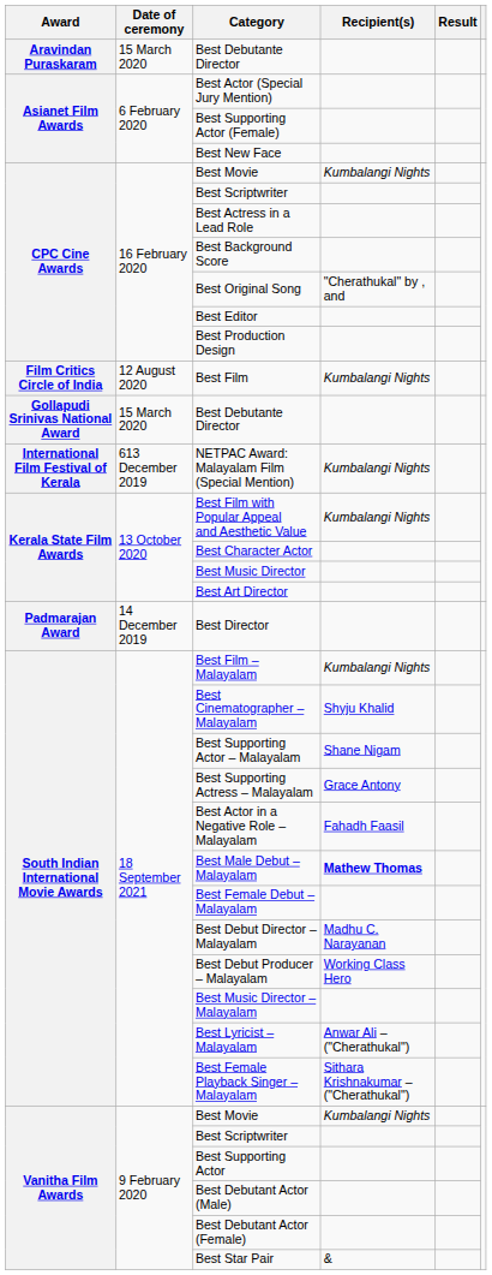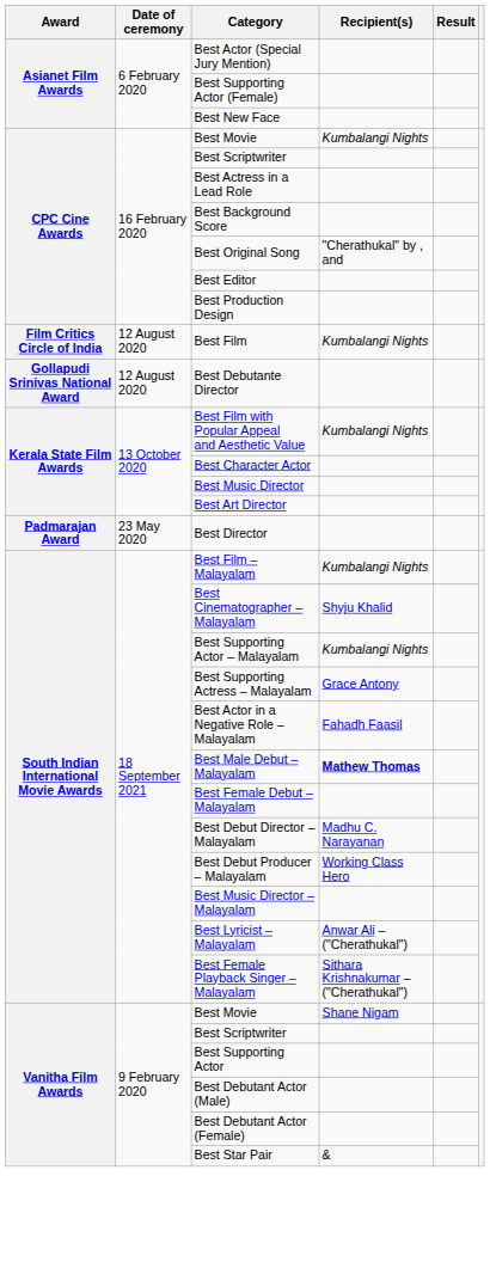 <table class="wikitable plainrowheaders sortable">
 <tr>
 <th scope="col">Award</th>
 <th scope="col">Date of ceremony</th>
 <th scope="col">Category</th>
 <th scope="col">Recipient(s)</th>
 <th scope="col">Result</th>
 <th scope="col" class="unsortable"></th>
-</tr>
-<tr>
-<th scope="row"><a href='#'>Aravindan Puraskaram</a></th>
-<td>15 March 2020</td>
-<td>Best Debutante Director</td>
-<td></td>
-<td></td>
-<td style="text-align:center"></td>
 </tr>
 <tr>
 <th scope="row" rowspan="3"><a href='#'>Asianet Film Awards</a></th>
 <td rowspan="3">6 February 2020</td>
 <td>Best Actor (Special Jury Mention)</td>
 <td></td>
 <td></td>
 <td style="text-align:center;" rowspan="3"></td>
 </tr>
 <tr>
 <td>Best Supporting Actor (Female)</td>
 <td></td>
 <td></td>
 </tr>
 <tr>
 <td>Best New Face</td>
 <td></td>
 <td></td>
 </tr>
 <tr>
 <th scope="row" rowspan="7"><a href='#'>CPC Cine Awards</a></th>
 <td rowspan="7">16 February 2020</td>
 <td>Best Movie</td>
 <td><em>Kumbalangi Nights</em></td>
 <td></td>
 <td style="text-align:center;" rowspan="7"></td>
 </tr>
 <tr>
 <td>Best Scriptwriter</td>
 <td></td>
 <td></td>
 </tr>
 <tr>
 <td>Best Actress in a Lead Role</td>
 <td></td>
 <td></td>
 </tr>
 <tr>
 <td>Best Background Score</td>
 <td></td>
 <td></td>
 </tr>
 <tr>
 <td>Best Original Song</td>
 <td>"Cherathukal" by ,  and </td>
 <td></td>
 </tr>
 <tr>
 <td>Best Editor</td>
 <td></td>
 <td></td>
 </tr>
 <tr>
 <td>Best Production Design</td>
 <td></td>
 <td></td>
 </tr>
 <tr>
 <th scope="row"><a href='#'>Film Critics Circle of India</a></th>
 <td>12 August 2020</td>
 <td>Best Film</td>
 <td><em>Kumbalangi Nights</em></td>
 <td></td>
 <td style="text-align:center"></td>
 </tr>
 <tr>
 <th scope="row"><a href='#'>Gollapudi Srinivas National Award</a></th>
-<td>15 March 2020</td>
+<td>12 August 2020</td>
 <td>Best Debutante Director</td>
 <td></td>
-<td></td>
-<td style="text-align:center"></td>
-</tr>
-<tr>
-<th scope="row"><a href='#'>International Film Festival of Kerala</a></th>
-<td>613 December 2019</td>
-<td>NETPAC Award: Malayalam Film <br>(Special Mention)</td>
-<td><em>Kumbalangi Nights</em></td>
 <td></td>
 <td style="text-align:center"></td>
 </tr>
 <tr>
 <th scope="row" rowspan="4"><a href='#'>Kerala State Film Awards</a></th>
 <td rowspan="4"><a href='#'>13 October 2020</a></td>
 <td><a href='#'>Best Film with Popular Appeal<br>and Aesthetic Value</a></td>
 <td><em>Kumbalangi Nights</em></td>
 <td></td>
 <td style="text-align:center;" rowspan="4"></td>
 </tr>
 <tr>
 <td><a href='#'>Best Character Actor</a></td>
 <td></td>
 <td></td>
 </tr>
 <tr>
 <td><a href='#'>Best Music Director</a></td>
 <td></td>
 <td></td>
 </tr>
 <tr>
 <td><a href='#'>Best Art Director</a></td>
 <td></td>
 <td></td>
 </tr>
 <tr>
 <th scope="row"><a href='#'>Padmarajan Award</a></th>
-<td>14 December 2019</td>
+<td>23 May 2020</td>
 <td>Best Director</td>
 <td></td>
 <td></td>
 <td style="text-align:center;"></td>
 </tr>
 <tr>
 <th rowspan="12" scope="row"><a href='#'>South Indian International Movie Awards</a></th>
 <td rowspan="12"><a href='#'>18 September 2021</a></td>
 <td><a href='#'>Best Film – Malayalam</a></td>
 <td><em>Kumbalangi Nights</em></td>
 <td></td>
 <td rowspan="12" style="text-align:center;"><br></td>
 </tr>
 <tr>
 <td><a href='#'>Best Cinematographer – Malayalam</a></td>
 <td><a href='#'>Shyju Khalid</a></td>
 <td></td>
 </tr>
 <tr>
 <td>Best Supporting Actor – Malayalam</td>
-<td><a href='#'>Shane Nigam</a></td>
+<td><em>Kumbalangi Nights</em></td>
 <td></td>
 </tr>
 <tr>
 <td>Best Supporting Actress – Malayalam</td>
 <td><a href='#'>Grace Antony</a></td>
 <td></td>
 </tr>
 <tr>
 <td>Best Actor in a Negative Role – Malayalam</td>
 <td><a href='#'>Fahadh Faasil</a></td>
 <td></td>
 </tr>
 <tr>
 <td><a href='#'>Best Male Debut – Malayalam</a></td>
 <td><strong><a href='#'>Mathew Thomas</a></strong></td>
 <td></td>
 </tr>
 <tr>
 <td><a href='#'>Best Female Debut – Malayalam</a></td>
 <td></td>
 <td></td>
 </tr>
 <tr>
 <td>Best Debut Director – Malayalam</td>
 <td><a href='#'>Madhu C. Narayanan</a></td>
 <td></td>
 </tr>
 <tr>
 <td>Best Debut Producer – Malayalam</td>
 <td><a href='#'>Working Class Hero</a></td>
 <td></td>
 </tr>
 <tr>
 <td><a href='#'>Best Music Director – Malayalam</a></td>
 <td></td>
 <td></td>
 </tr>
 <tr>
 <td><a href='#'>Best Lyricist – Malayalam</a></td>
 <td><a href='#'>Anwar Ali</a> – ("Cherathukal")</td>
 <td></td>
 </tr>
 <tr>
 <td><a href='#'>Best Female Playback Singer – Malayalam</a></td>
 <td><a href='#'>Sithara Krishnakumar</a> – ("Cherathukal")</td>
 <td></td>
 </tr>
 <tr>
 <th scope="row" rowspan="6"><a href='#'>Vanitha Film Awards</a></th>
 <td rowspan="6">9 February 2020</td>
 <td>Best Movie</td>
-<td><em>Kumbalangi Nights</em></td>
+<td><a href='#'>Shane Nigam</a></td>
 <td></td>
 <td style="text-align:center;" rowspan="6"></td>
 </tr>
 <tr>
 <td>Best Scriptwriter</td>
 <td></td>
 <td></td>
 </tr>
 <tr>
 <td>Best Supporting Actor</td>
 <td></td>
 <td></td>
 </tr>
 <tr>
 <td>Best Debutant Actor (Male)</td>
 <td></td>
 <td></td>
 </tr>
 <tr>
 <td>Best Debutant Actor (Female)</td>
 <td></td>
 <td></td>
 </tr>
 <tr>
 <td>Best Star Pair</td>
 <td> & </td>
 <td></td>
 </tr>
 </table>
